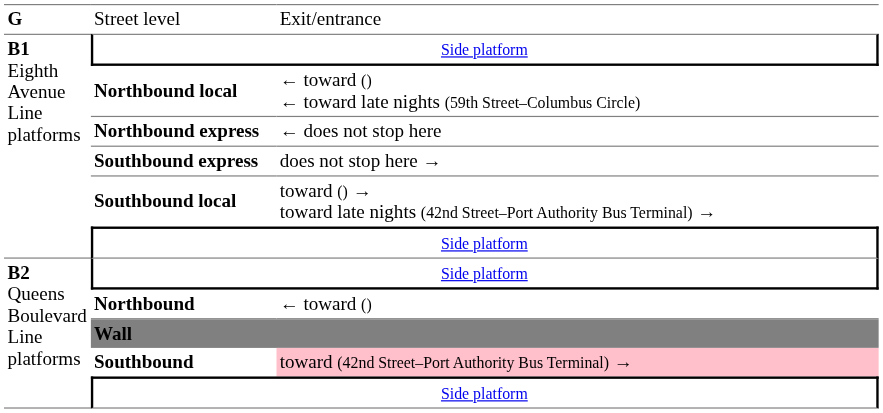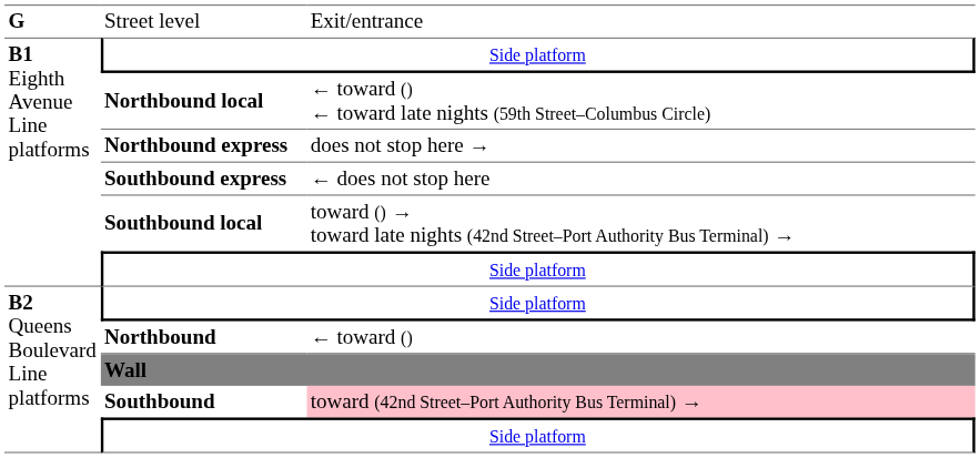 <table table border=0 cellspacing=0 cellpadding=3>
 <tr>
 <td style="border-top:solid 1px gray;" width=50><strong>G</strong></td>
 <td style="border-top:solid 1px gray;" width=150>Street level</td>
 <td style="border-top:solid 1px gray;" width=500>Exit/entrance<br></td>
 </tr>
 <tr>
 <td style="border-top:solid 1px gray;border-bottom:solid 1px gray;" rowspan=6 valign=top><strong>B1</strong><br>Eighth Avenue Line platforms</td>
 <td style="border-top:solid 1px gray;border-right:solid 2px black;border-left:solid 2px black;border-bottom:solid 2px black;text-align:center;" colspan=2><small><a href='#'>Side platform</a></small></td>
 </tr>
 <tr>
 <td style="border-bottom:solid 1px gray;color:#"><strong>Northbound local</strong></td>
 <td style="border-bottom:solid 1px gray;">←  toward  <small>()</small><br>←  toward  late nights <small>(59th Street–Columbus Circle)</small></td>
 </tr>
 <tr>
 <td style="border-bottom:solid 1px gray;color:#"><strong>Northbound express</strong></td>
-<td style="border-bottom:solid 1px gray;">←  does not stop here</td>
+<td style="border-bottom:solid 1px gray;">  does not stop here →</td>
 </tr>
 <tr>
 <td style="border-bottom:solid 1px gray;color:#"><strong>Southbound express</strong></td>
-<td style="border-bottom:solid 1px gray;">  does not stop here →</td>
+<td style="border-bottom:solid 1px gray;">←  does not stop here</td>
 </tr>
 <tr>
 <td style="color:#"><strong>Southbound local</strong></td>
 <td>  toward  <small>()</small> →<br>  toward  late nights <small>(42nd Street–Port Authority Bus Terminal)</small> →</td>
 </tr>
 <tr>
 <td style="border-top:solid 2px black;border-right:solid 2px black;border-left:solid 2px black;border-bottom:solid 1px gray;text-align:center;" colspan=2><small><a href='#'>Side platform</a> </small></td>
 </tr>
 <tr>
 <td style="border-bottom:solid 1px gray;" rowspan=5 valign=top><strong>B2</strong><br>Queens Boulevard Line platforms</td>
 <td style="border-top:solid 0px gray;border-right:solid 2px black;border-left:solid 2px black;border-bottom:solid 2px black;text-align:center;" colspan=2><small><a href='#'>Side platform</a></small></td>
 </tr>
 <tr>
 <td style="border-bottom:solid 1px gray;color:#"><strong>Northbound</strong></td>
 <td style="border-bottom:solid 1px gray;">←  toward  <small>()</small></td>
 </tr>
 <tr bgcolor="grey">
 <td colspan=2><strong>Wall</strong></td>
 </tr>
 <tr>
 <td style="color:#"><strong>Southbound</strong></td>
 <td style="background: pink;">  toward  <small>(42nd Street–Port Authority Bus Terminal)</small> →</td>
 </tr>
 <tr>
 <td style="border-top:solid 2px black;border-right:solid 2px black;border-left:solid 2px black;border-bottom:solid 1px gray;text-align:center;" colspan=2><small><a href='#'>Side platform</a> </small></td>
 </tr>
 </table>
